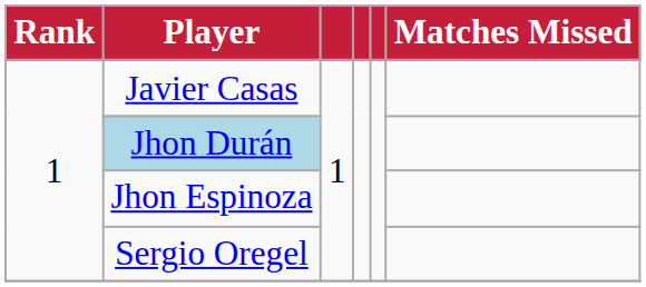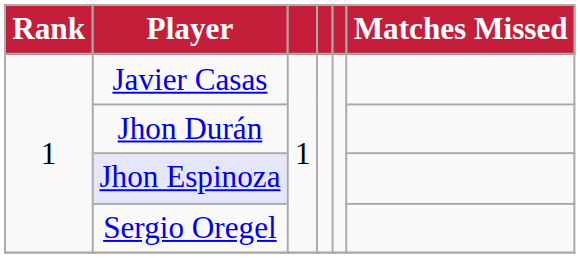 <table class="wikitable" style="text-align:center">
 <tr>
 <th style="background:#C41E3A; color:white; text-align:center;">Rank</th>
 <th style="background:#C41E3A; color:white; text-align:center;">Player</th>
 <th style="background:#C41E3A; color:white; text-align:center;"></th>
 <th style="background:#C41E3A; color:white; text-align:center;"></th>
 <th style="background:#C41E3A; color:white; text-align:center;"></th>
 <th style="background:#C41E3A; color:white; text-align:center;">Matches Missed</th>
 </tr>
 <tr>
 <td rowspan="4">1</td>
 <td> <a href='#'>Javier Casas</a></td>
 <td rowspan="4">1</td>
 <td rowspan="4"></td>
 <td rowspan="4"></td>
 <td></td>
 </tr>
 <tr>
-<td style="background: lightblue;"> <a href='#'>Jhon Durán</a></td>
+<td> <a href='#'>Jhon Durán</a></td>
 <td></td>
 </tr>
 <tr>
-<td> <a href='#'>Jhon Espinoza</a></td>
+<td style="background: lavender;"> <a href='#'>Jhon Espinoza</a></td>
 <td></td>
 </tr>
 <tr>
 <td> <a href='#'>Sergio Oregel</a></td>
 <td></td>
 </tr>
 <tr>
 </tr>
 </table>
